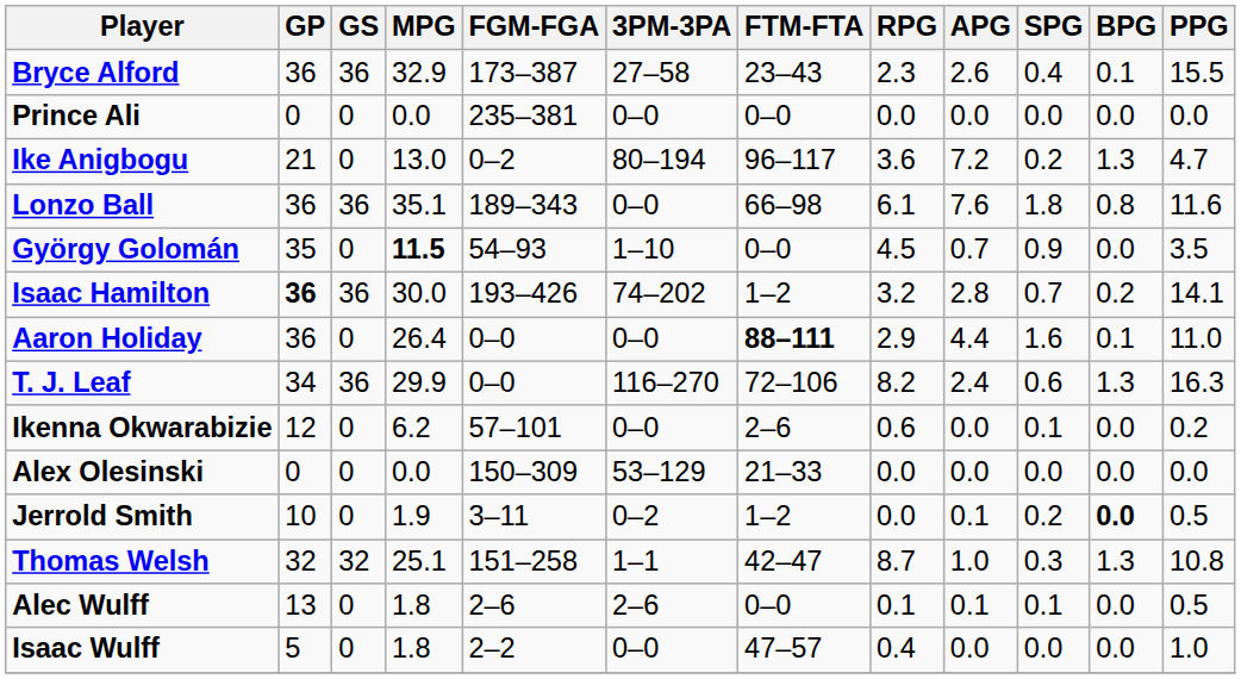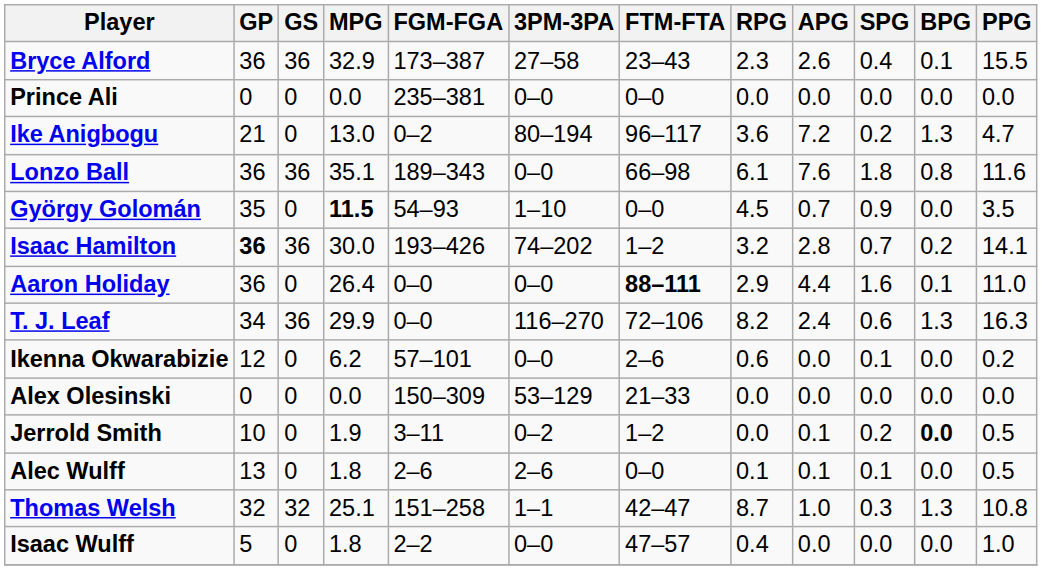 <table class="wikitable sortable" style="font-size: 100%">
 <tr>
 <th>Player</th>
 <th>GP</th>
 <th>GS</th>
 <th>MPG</th>
 <th>FGM-FGA</th>
 <th>3PM-3PA</th>
 <th>FTM-FTA</th>
 <th>RPG</th>
 <th>APG</th>
 <th>SPG</th>
 <th>BPG</th>
 <th>PPG</th>
 </tr>
 <tr bgcolor="">
 <td data-sort-value="Alford, Bryce"><strong><a href='#'>Bryce Alford</a></strong></td>
 <td>36</td>
 <td>36</td>
 <td>32.9</td>
 <td>173–387</td>
 <td>27–58</td>
 <td>23–43</td>
 <td>2.3</td>
 <td>2.6</td>
 <td>0.4</td>
 <td>0.1</td>
 <td>15.5</td>
 </tr>
 <tr bgcolor="">
 <td data-sort-value="Ali, Prince"><strong>Prince Ali</strong></td>
 <td>0</td>
 <td>0</td>
 <td>0.0</td>
 <td>235–381</td>
 <td>0–0</td>
 <td>0–0</td>
 <td>0.0</td>
 <td>0.0</td>
 <td>0.0</td>
 <td>0.0</td>
 <td>0.0</td>
 </tr>
 <tr bgcolor="">
 <td data-sort-value="Anigbogu, Ike"><strong><a href='#'>Ike Anigbogu</a></strong></td>
 <td>21</td>
 <td>0</td>
 <td>13.0</td>
 <td>0–2</td>
 <td>80–194</td>
 <td>96–117</td>
 <td>3.6</td>
 <td>7.2</td>
 <td>0.2</td>
 <td>1.3</td>
 <td>4.7</td>
 </tr>
 <tr bgcolor="">
 <td data-sort-value="Ball, Lonzo"><strong><a href='#'>Lonzo Ball</a></strong></td>
 <td>36</td>
 <td>36</td>
 <td>35.1</td>
 <td>189–343</td>
 <td>0–0</td>
 <td>66–98</td>
 <td>6.1</td>
 <td>7.6</td>
 <td>1.8</td>
 <td>0.8</td>
 <td>11.6</td>
 </tr>
 <tr bgcolor="">
 <td data-sort-value="Golomán, György"><strong><a href='#'>György Golomán</a></strong></td>
 <td>35</td>
 <td>0</td>
 <td><strong>11.5</strong></td>
 <td>54–93</td>
 <td>1–10</td>
 <td>0–0</td>
 <td>4.5</td>
 <td>0.7</td>
 <td>0.9</td>
 <td>0.0</td>
 <td>3.5</td>
 </tr>
 <tr bgcolor="">
 <td data-sort-value="Hamilton, Isaac"><strong><a href='#'>Isaac Hamilton</a></strong></td>
 <td><strong>36</strong></td>
 <td>36</td>
 <td>30.0</td>
 <td>193–426</td>
 <td>74–202</td>
 <td>1–2</td>
 <td>3.2</td>
 <td>2.8</td>
 <td>0.7</td>
 <td>0.2</td>
 <td>14.1</td>
 </tr>
 <tr bgcolor="">
 <td data-sort-value="Holiday, Aaron"><strong><a href='#'>Aaron Holiday</a></strong></td>
 <td>36</td>
 <td>0</td>
 <td>26.4</td>
 <td>0–0</td>
 <td>0–0</td>
 <td><strong>88–111</strong></td>
 <td>2.9</td>
 <td>4.4</td>
 <td>1.6</td>
 <td>0.1</td>
 <td>11.0</td>
 </tr>
 <tr bgcolor="">
 <td data-sort-value="Leaf, T. J."><strong><a href='#'>T. J. Leaf</a></strong></td>
 <td>34</td>
 <td>36</td>
 <td>29.9</td>
 <td>0–0</td>
 <td>116–270</td>
 <td>72–106</td>
 <td>8.2</td>
 <td>2.4</td>
 <td>0.6</td>
 <td>1.3</td>
 <td>16.3</td>
 </tr>
 <tr bgcolor="">
 <td data-sort-value="Okwarabizie, Ikenna"><strong>Ikenna Okwarabizie</strong></td>
 <td>12</td>
 <td>0</td>
 <td>6.2</td>
 <td>57–101</td>
 <td>0–0</td>
 <td>2–6</td>
 <td>0.6</td>
 <td>0.0</td>
 <td>0.1</td>
 <td>0.0</td>
 <td>0.2</td>
 </tr>
 <tr bgcolor="">
 <td data-sort-value="Olesinski, Alex"><strong>Alex Olesinski</strong></td>
 <td>0</td>
 <td>0</td>
 <td>0.0</td>
 <td>150–309</td>
 <td>53–129</td>
 <td>21–33</td>
 <td>0.0</td>
 <td>0.0</td>
 <td>0.0</td>
 <td>0.0</td>
 <td>0.0</td>
 </tr>
 <tr bgcolor="">
 <td data-sort-value="Smith, Jerrold"><strong>Jerrold Smith</strong></td>
 <td>10</td>
 <td>0</td>
 <td>1.9</td>
 <td>3–11</td>
 <td>0–2</td>
 <td>1–2</td>
 <td>0.0</td>
 <td>0.1</td>
 <td>0.2</td>
 <td><strong>0.0</strong></td>
 <td>0.5</td>
 </tr>
 <tr bgcolor="">
+<td data-sort-value="Wulff, Alec"><strong>Alec Wulff</strong></td>
+<td>13</td>
+<td>0</td>
+<td>1.8</td>
+<td>2–6</td>
+<td>2–6</td>
+<td>0–0</td>
+<td>0.1</td>
+<td>0.1</td>
+<td>0.1</td>
+<td>0.0</td>
+<td>0.5</td>
+</tr>
+<tr bgcolor="">
 <td data-sort-value="Welsh, Thomas"><strong><a href='#'>Thomas Welsh</a></strong></td>
 <td>32</td>
 <td>32</td>
 <td>25.1</td>
 <td>151–258</td>
 <td>1–1</td>
 <td>42–47</td>
 <td>8.7</td>
 <td>1.0</td>
 <td>0.3</td>
 <td>1.3</td>
 <td>10.8</td>
-</tr>
-<tr bgcolor="">
-<td data-sort-value="Wulff, Alec"><strong>Alec Wulff</strong></td>
-<td>13</td>
-<td>0</td>
-<td>1.8</td>
-<td>2–6</td>
-<td>2–6</td>
-<td>0–0</td>
-<td>0.1</td>
-<td>0.1</td>
-<td>0.1</td>
-<td>0.0</td>
-<td>0.5</td>
 </tr>
 <tr bgcolor="">
 <td data-sort-value="Wulff, Isaac"><strong>Isaac Wulff</strong></td>
 <td>5</td>
 <td>0</td>
 <td>1.8</td>
 <td>2–2</td>
 <td>0–0</td>
 <td>47–57</td>
 <td>0.4</td>
 <td>0.0</td>
 <td>0.0</td>
 <td>0.0</td>
 <td>1.0</td>
 </tr>
 <tr bgcolor="">
 </tr>
 </table>
